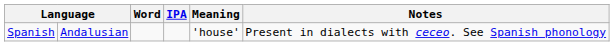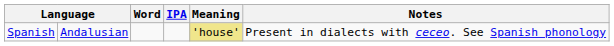 <table class='wikitable'>
 <tr>
 <th colspan='2'>Language</th>
 <th>Word</th>
 <th><a href='#'>IPA</a></th>
 <th>Meaning</th>
 <th>Notes</th>
 </tr>
 <tr>
 <td><a href='#'>Spanish</a></td>
 <td><a href='#'>Andalusian</a></td>
 <td></td>
 <td></td>
-<td>'house'</td>
+<td style="background: khaki;">'house'</td>
 <td>Present in dialects with <em><a href='#'>ceceo</a></em>. See <a href='#'>Spanish phonology</a></td>
 </tr>
 </table>
